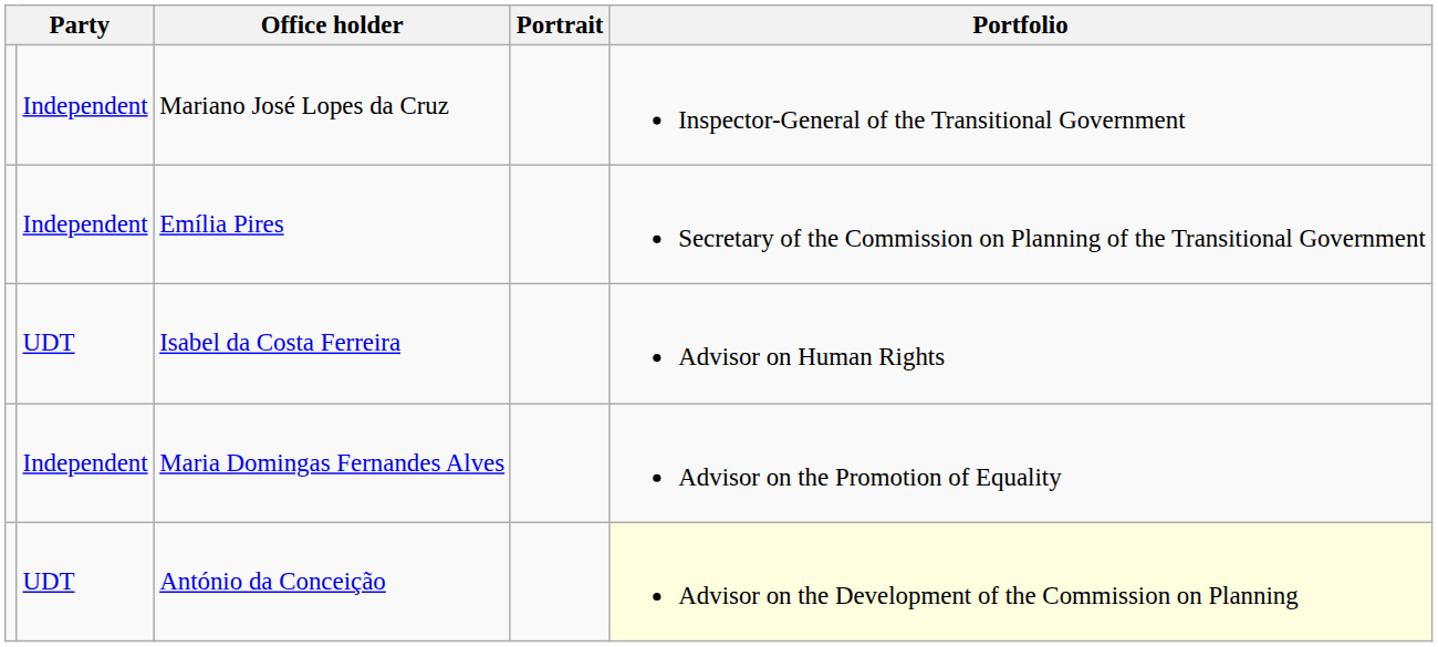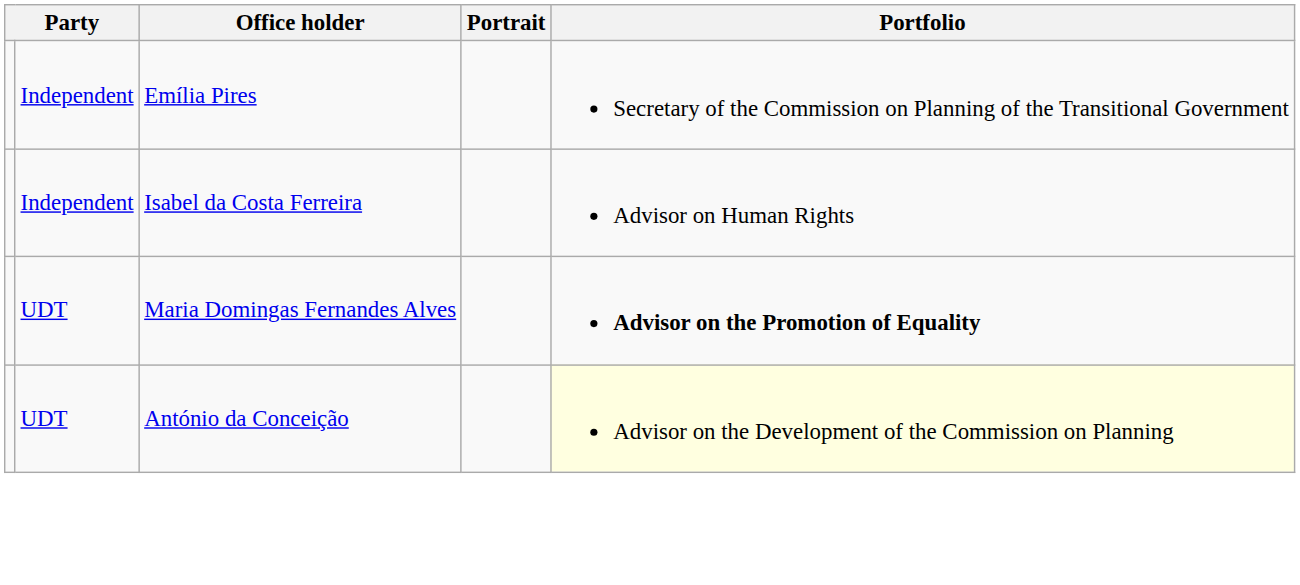 <table class="wikitable sortable">
 <tr>
 <th colspan="2">Party</th>
 <th>Office holder</th>
 <th>Portrait</th>
 <th>Portfolio</th>
 </tr>
 <tr>
 <td style="background:"></td>
 <td><a href='#'>Independent</a></td>
-<td>Mariano José Lopes da Cruz</td>
-<td></td>
-<td><br><ul><li>Inspector-General of the Transitional Government</li></ul></td>
-</tr>
-<tr>
-<td style="background:"></td>
-<td><a href='#'>Independent</a></td>
 <td><a href='#'>Emília Pires</a></td>
 <td></td>
 <td><br><ul><li>Secretary of the Commission on Planning of the Transitional Government</li></ul></td>
 </tr>
 <tr>
 <td style="background:"></td>
-<td><a href='#'>UDT</a></td>
+<td><a href='#'>Independent</a></td>
 <td><a href='#'>Isabel da Costa Ferreira</a></td>
 <td></td>
 <td><br><ul><li>Advisor on Human Rights</li></ul></td>
 </tr>
 <tr>
 <td style="background:"></td>
-<td><a href='#'>Independent</a></td>
+<td><a href='#'>UDT</a></td>
 <td><a href='#'>Maria Domingas Fernandes Alves</a></td>
 <td></td>
-<td><br><ul><li>Advisor on the Promotion of Equality</li></ul></td>
+<td><strong><br><ul><li>Advisor on the Promotion of Equality</li></ul></strong></td>
 </tr>
 <tr>
 <td style="background:"></td>
 <td><a href='#'>UDT</a></td>
 <td><a href='#'>António da Conceição</a></td>
 <td></td>
 <td style="background: lightyellow;"><br><ul><li>Advisor on the Development of the Commission on Planning</li></ul></td>
 </tr>
 </table>
